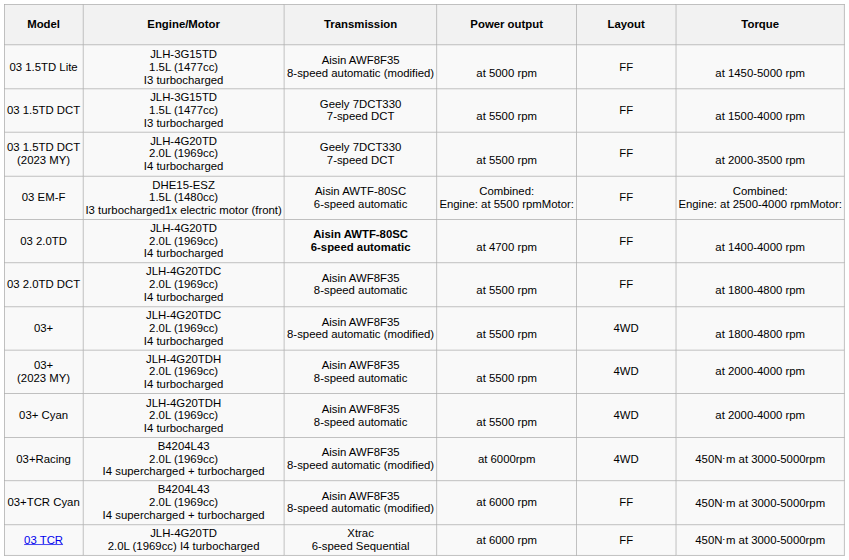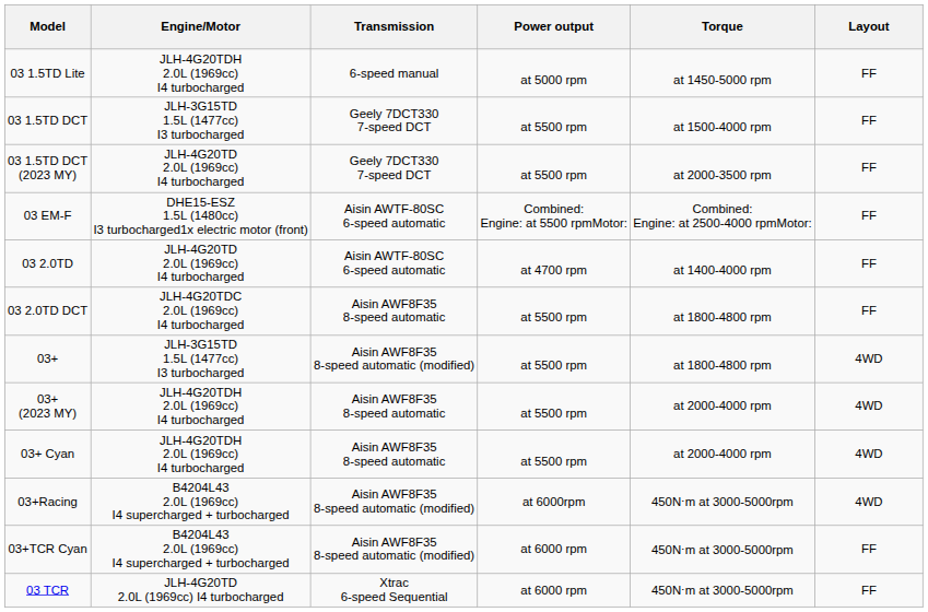 <table class="wikitable" style="text-align: center;">
 <tr>
 <th>Model</th>
 <th>Engine/Motor</th>
 <th>Transmission</th>
 <th>Power output</th>
+<th>Torque</th>
 <th><blockquote>Layout</blockquote></th>
-<th>Torque</th>
 </tr>
 <tr>
 <td>03 1.5TD Lite</td>
-<td rowspan="1">JLH-3G15TD<br>1.5L (1477cc)<br>I3 turbocharged</td>
-<td>Aisin AWF8F35<br>8-speed automatic (modified)</td>
+<td rowspan="1">JLH-4G20TDH<br>2.0L (1969cc)<br>I4 turbocharged</td>
+<td>6-speed manual</td>
 <td><br>at 5000 rpm</td>
+<td><br>at 1450-5000 rpm</td>
 <td>FF</td>
-<td><br>at 1450-5000 rpm</td>
 </tr>
 <tr>
 <td>03 1.5TD DCT</td>
 <td rowspan="1">JLH-3G15TD<br>1.5L (1477cc)<br>I3 turbocharged</td>
 <td>Geely 7DCT330<br>7-speed DCT</td>
 <td><br>at 5500 rpm</td>
+<td><br>at 1500-4000 rpm</td>
 <td>FF</td>
-<td><br>at 1500-4000 rpm</td>
 </tr>
 <tr>
 <td>03 1.5TD DCT<br>(2023 MY)</td>
 <td rowspan="1">JLH-4G20TD<br>2.0L (1969cc)<br>I4 turbocharged</td>
 <td>Geely 7DCT330<br>7-speed DCT</td>
 <td><br>at 5500 rpm</td>
+<td><br>at  2000-3500 rpm</td>
 <td>FF</td>
-<td><br>at  2000-3500 rpm</td>
 </tr>
 <tr>
 <td>03 EM-F</td>
 <td>DHE15-ESZ<br>1.5L (1480cc)<br>I3 turbocharged1x electric motor (front)</td>
 <td>Aisin AWTF-80SC<br>6-speed automatic</td>
 <td>Combined: <br>Engine: at 5500 rpmMotor: </td>
+<td>Combined: <br>Engine: at 2500-4000 rpmMotor: </td>
 <td>FF</td>
-<td>Combined: <br>Engine: at 2500-4000 rpmMotor: </td>
 </tr>
 <tr>
 <td>03 2.0TD</td>
 <td rowspan="1">JLH-4G20TD<br>2.0L (1969cc)<br>I4 turbocharged</td>
-<td><strong>Aisin AWTF-80SC<br>6-speed automatic</strong></td>
+<td>Aisin AWTF-80SC<br>6-speed automatic</td>
 <td><br>at 4700 rpm</td>
+<td><br>at 1400-4000 rpm</td>
 <td>FF</td>
-<td><br>at 1400-4000 rpm</td>
 </tr>
 <tr>
 <td>03 2.0TD DCT</td>
 <td rowspan="1">JLH-4G20TDC<br>2.0L (1969cc)<br>I4 turbocharged</td>
 <td>Aisin AWF8F35<br>8-speed automatic</td>
 <td><br>at 5500 rpm</td>
+<td><br>at 1800-4800 rpm</td>
 <td>FF</td>
-<td><br>at 1800-4800 rpm</td>
 </tr>
 <tr>
 <td>03+</td>
-<td rowspan="1">JLH-4G20TDC<br>2.0L (1969cc)<br>I4 turbocharged</td>
+<td rowspan="1">JLH-3G15TD<br>1.5L (1477cc)<br>I3 turbocharged</td>
 <td>Aisin AWF8F35<br>8-speed automatic (modified)</td>
 <td><br>at 5500 rpm</td>
+<td><br>at 1800-4800 rpm</td>
 <td>4WD</td>
-<td><br>at 1800-4800 rpm</td>
 </tr>
 <tr>
 <td>03+<br>(2023 MY)</td>
 <td rowspan="1">JLH-4G20TDH<br>2.0L (1969cc)<br>I4 turbocharged</td>
 <td>Aisin AWF8F35<br>8-speed automatic</td>
 <td><br>at 5500 rpm</td>
+<td>at 2000-4000 rpm</td>
 <td>4WD</td>
-<td>at 2000-4000 rpm</td>
 </tr>
 <tr>
 <td>03+ Cyan</td>
 <td rowspan="1">JLH-4G20TDH<br>2.0L (1969cc)<br>I4 turbocharged</td>
 <td>Aisin AWF8F35<br>8-speed automatic</td>
 <td><br>at 5500 rpm</td>
+<td>at 2000-4000 rpm</td>
 <td>4WD</td>
-<td>at 2000-4000 rpm</td>
 </tr>
 <tr>
 <td>03+Racing</td>
 <td>B4204L43<br>2.0L (1969cc)<br>I4 supercharged + turbocharged</td>
 <td>Aisin AWF8F35<br>8-speed automatic (modified)</td>
 <td> at 6000rpm</td>
+<td>450N⋅m at 3000-5000rpm</td>
 <td>4WD</td>
-<td>450N⋅m at 3000-5000rpm</td>
 </tr>
 <tr>
 <td>03+TCR Cyan</td>
 <td>B4204L43<br>2.0L (1969cc)<br>I4 supercharged + turbocharged</td>
 <td>Aisin AWF8F35<br>8-speed automatic (modified)</td>
 <td> at 6000 rpm</td>
+<td>450N⋅m at 3000-5000rpm</td>
 <td>FF</td>
-<td>450N⋅m at 3000-5000rpm</td>
 </tr>
 <tr>
 <td><a href='#'>03 TCR</a></td>
 <td>JLH-4G20TD<br>2.0L (1969cc) I4 turbocharged</td>
 <td>Xtrac<br>6-speed Sequential</td>
 <td> at 6000 rpm</td>
+<td>450N⋅m at 3000-5000rpm</td>
 <td>FF</td>
-<td>450N⋅m at 3000-5000rpm</td>
 </tr>
 </table>
